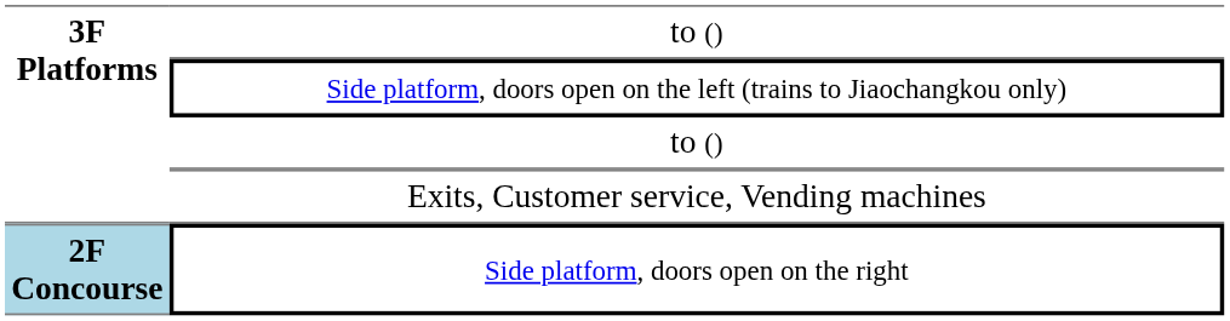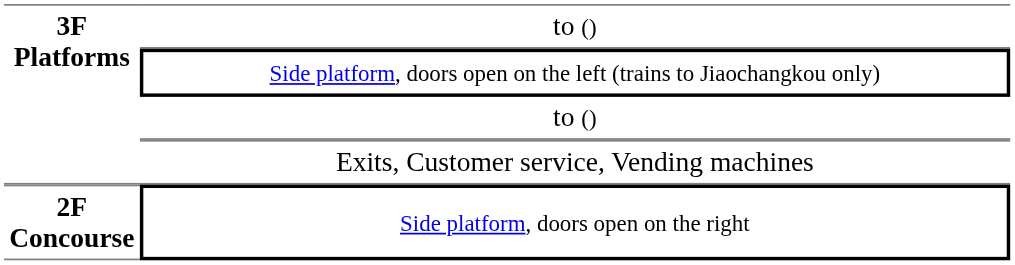 <table table border=0 cellspacing=0 cellpadding=3>
 <tr>
 <td style="border-bottom:solid 1px gray; border-top:solid 1px gray;text-align:center" rowspan="4" valign=top width=50><strong>3F<br>Platforms</strong></td>
 <td style="border-bottom:solid 1px gray; border-top:solid 1px gray;text-align:center">  to  <small>()</small></td>
 </tr>
 <tr>
 <td style="border-right:solid 2px black;border-left:solid 2px black;border-top:solid 2px black;border-bottom:solid 2px black;text-align:center;"><small><a href='#'>Side platform</a>, doors open on the left (trains to Jiaochangkou only)</small></td>
 </tr>
 <tr>
 <td style="border-bottom:solid 1px gray;text-align:center;"> to  <small>()</small> </td>
 </tr>
 <tr>
 <td style="border-bottom:solid 1px gray; border-top:solid 1px gray;text-align:center" valign=top width=500>Exits, Customer service, Vending machines</td>
 </tr>
 <tr>
-<td style="background: lightblue; border-bottom:solid 1px gray; border-top:solid 1px gray;text-align:center" valign=top><strong>2F<br>Concourse</strong></td>
+<td style="border-bottom:solid 1px gray; border-top:solid 1px gray;text-align:center" valign=top><strong>2F<br>Concourse</strong></td>
 <td style="border-right:solid 2px black;border-left:solid 2px black;border-top:solid 2px black;border-bottom:solid 2px black;text-align:center;"><small><a href='#'>Side platform</a>, doors open on the right</small></td>
 </tr>
 </table>
